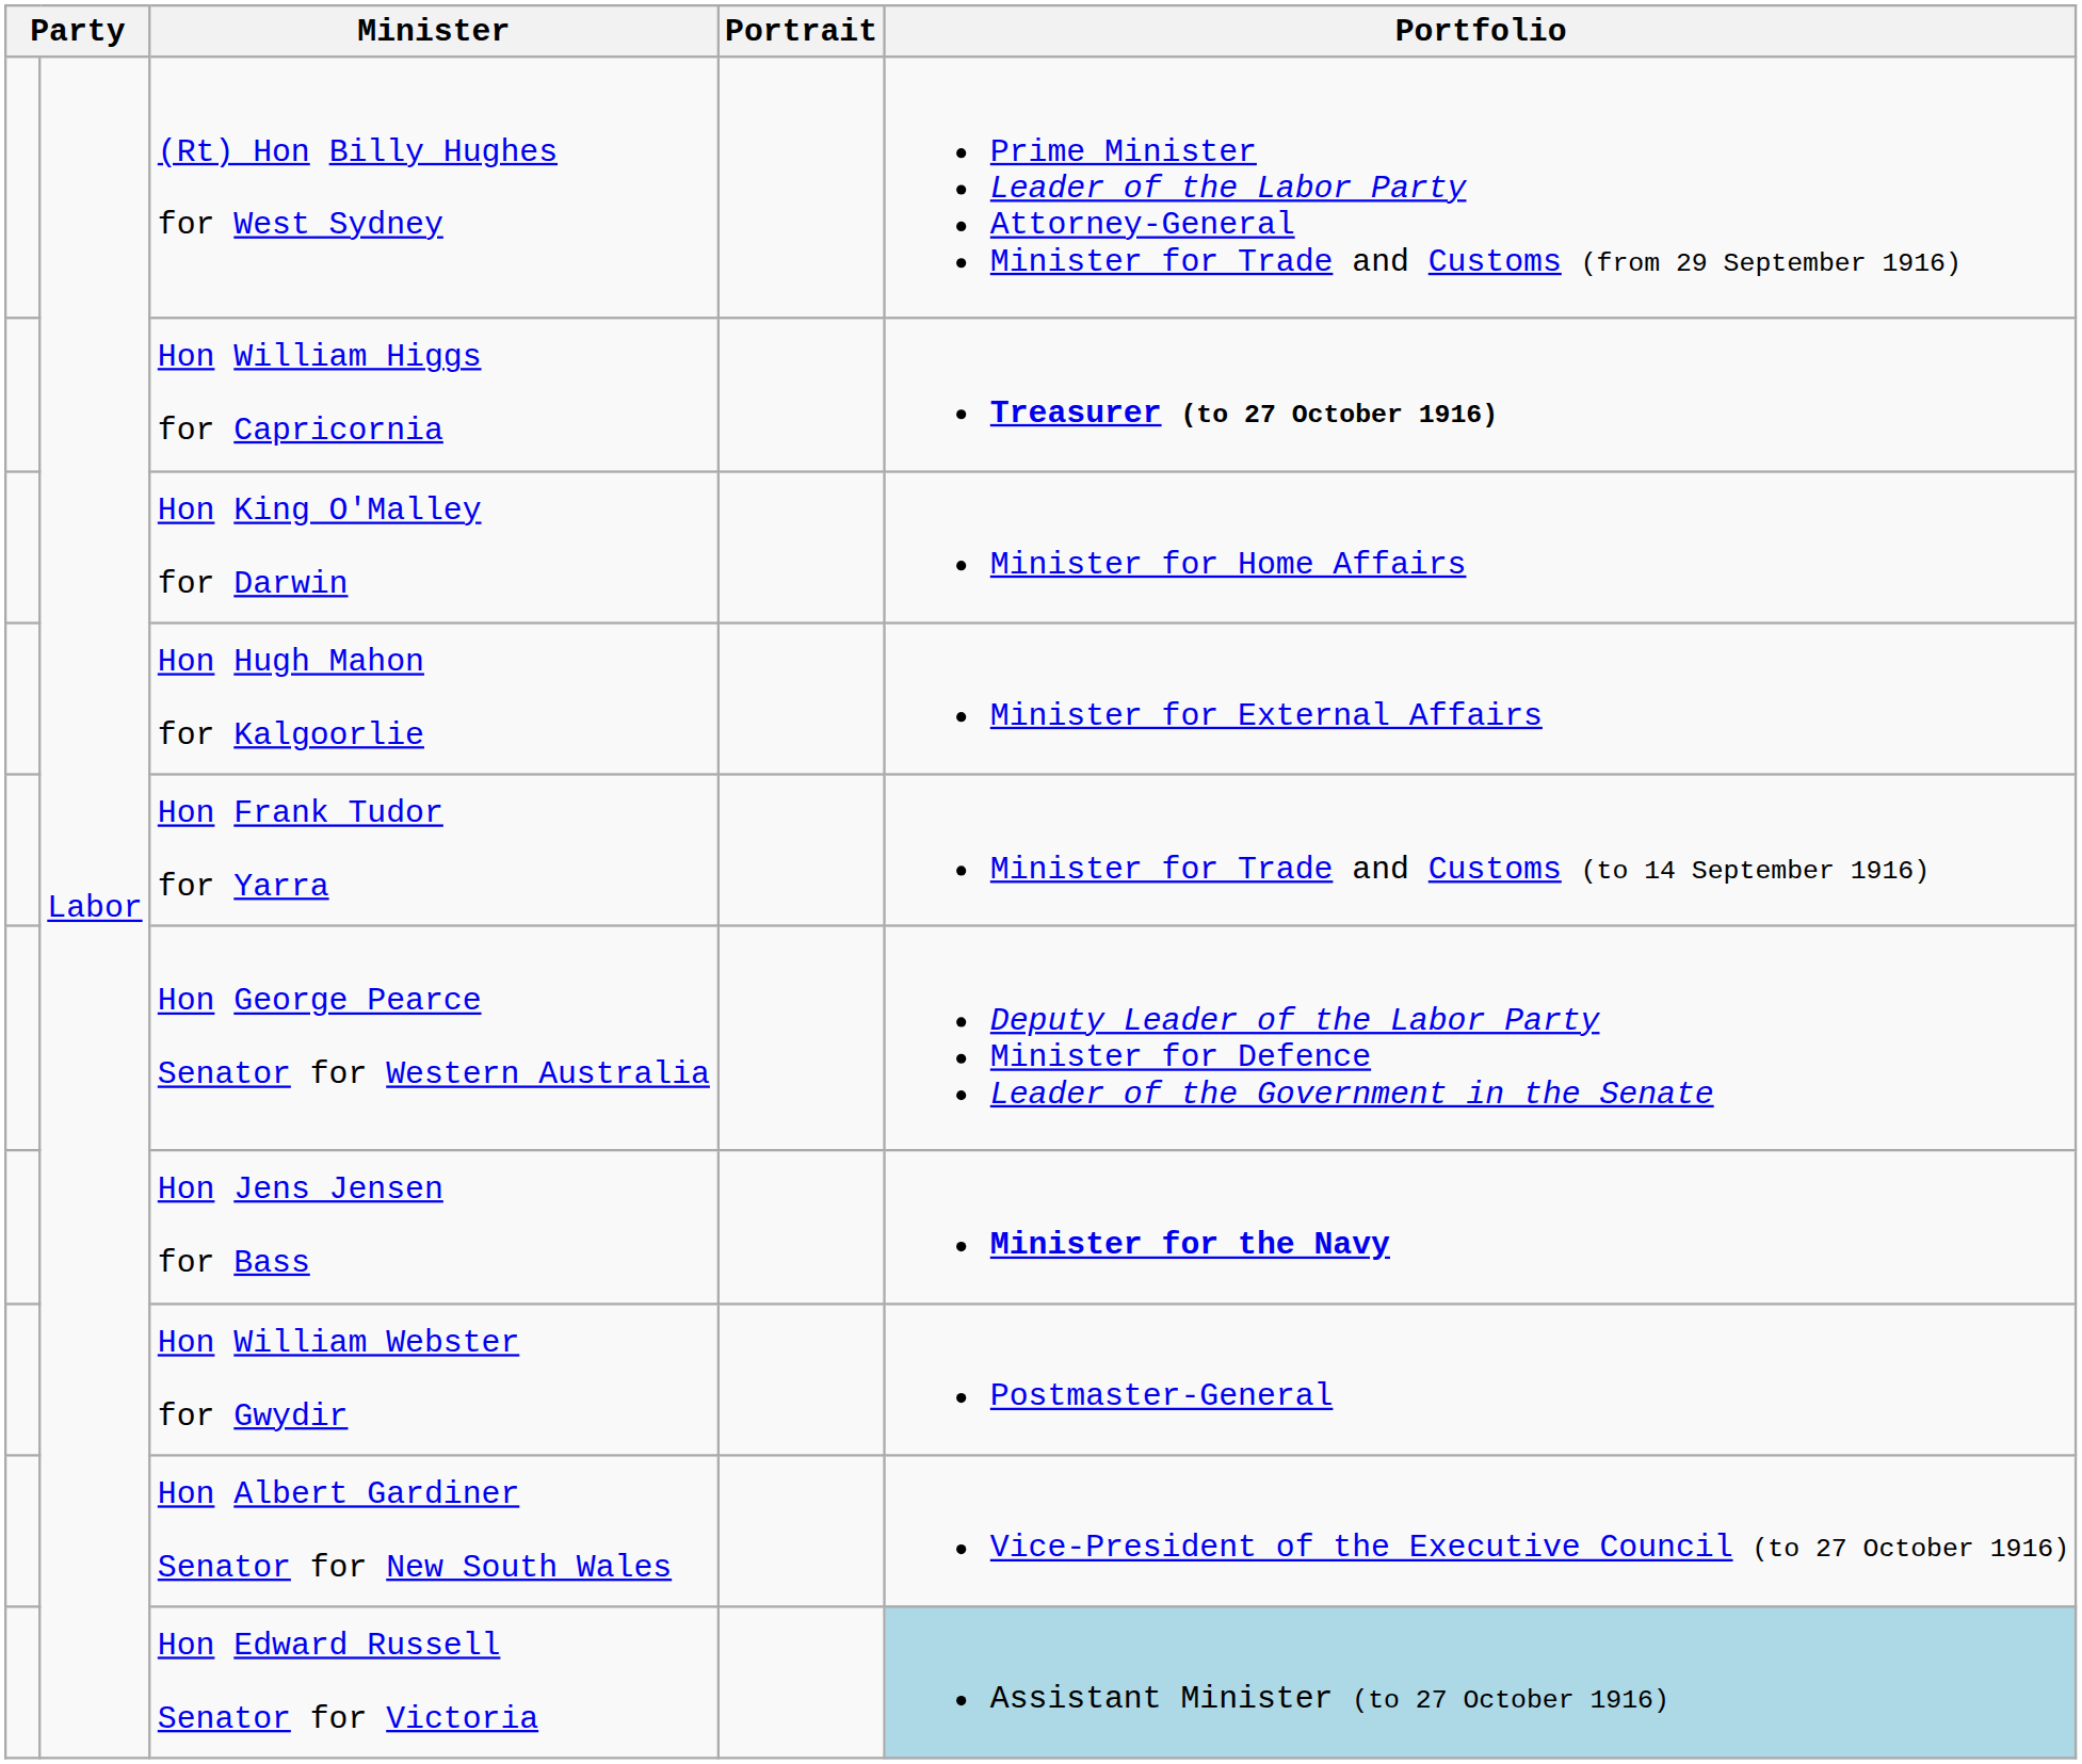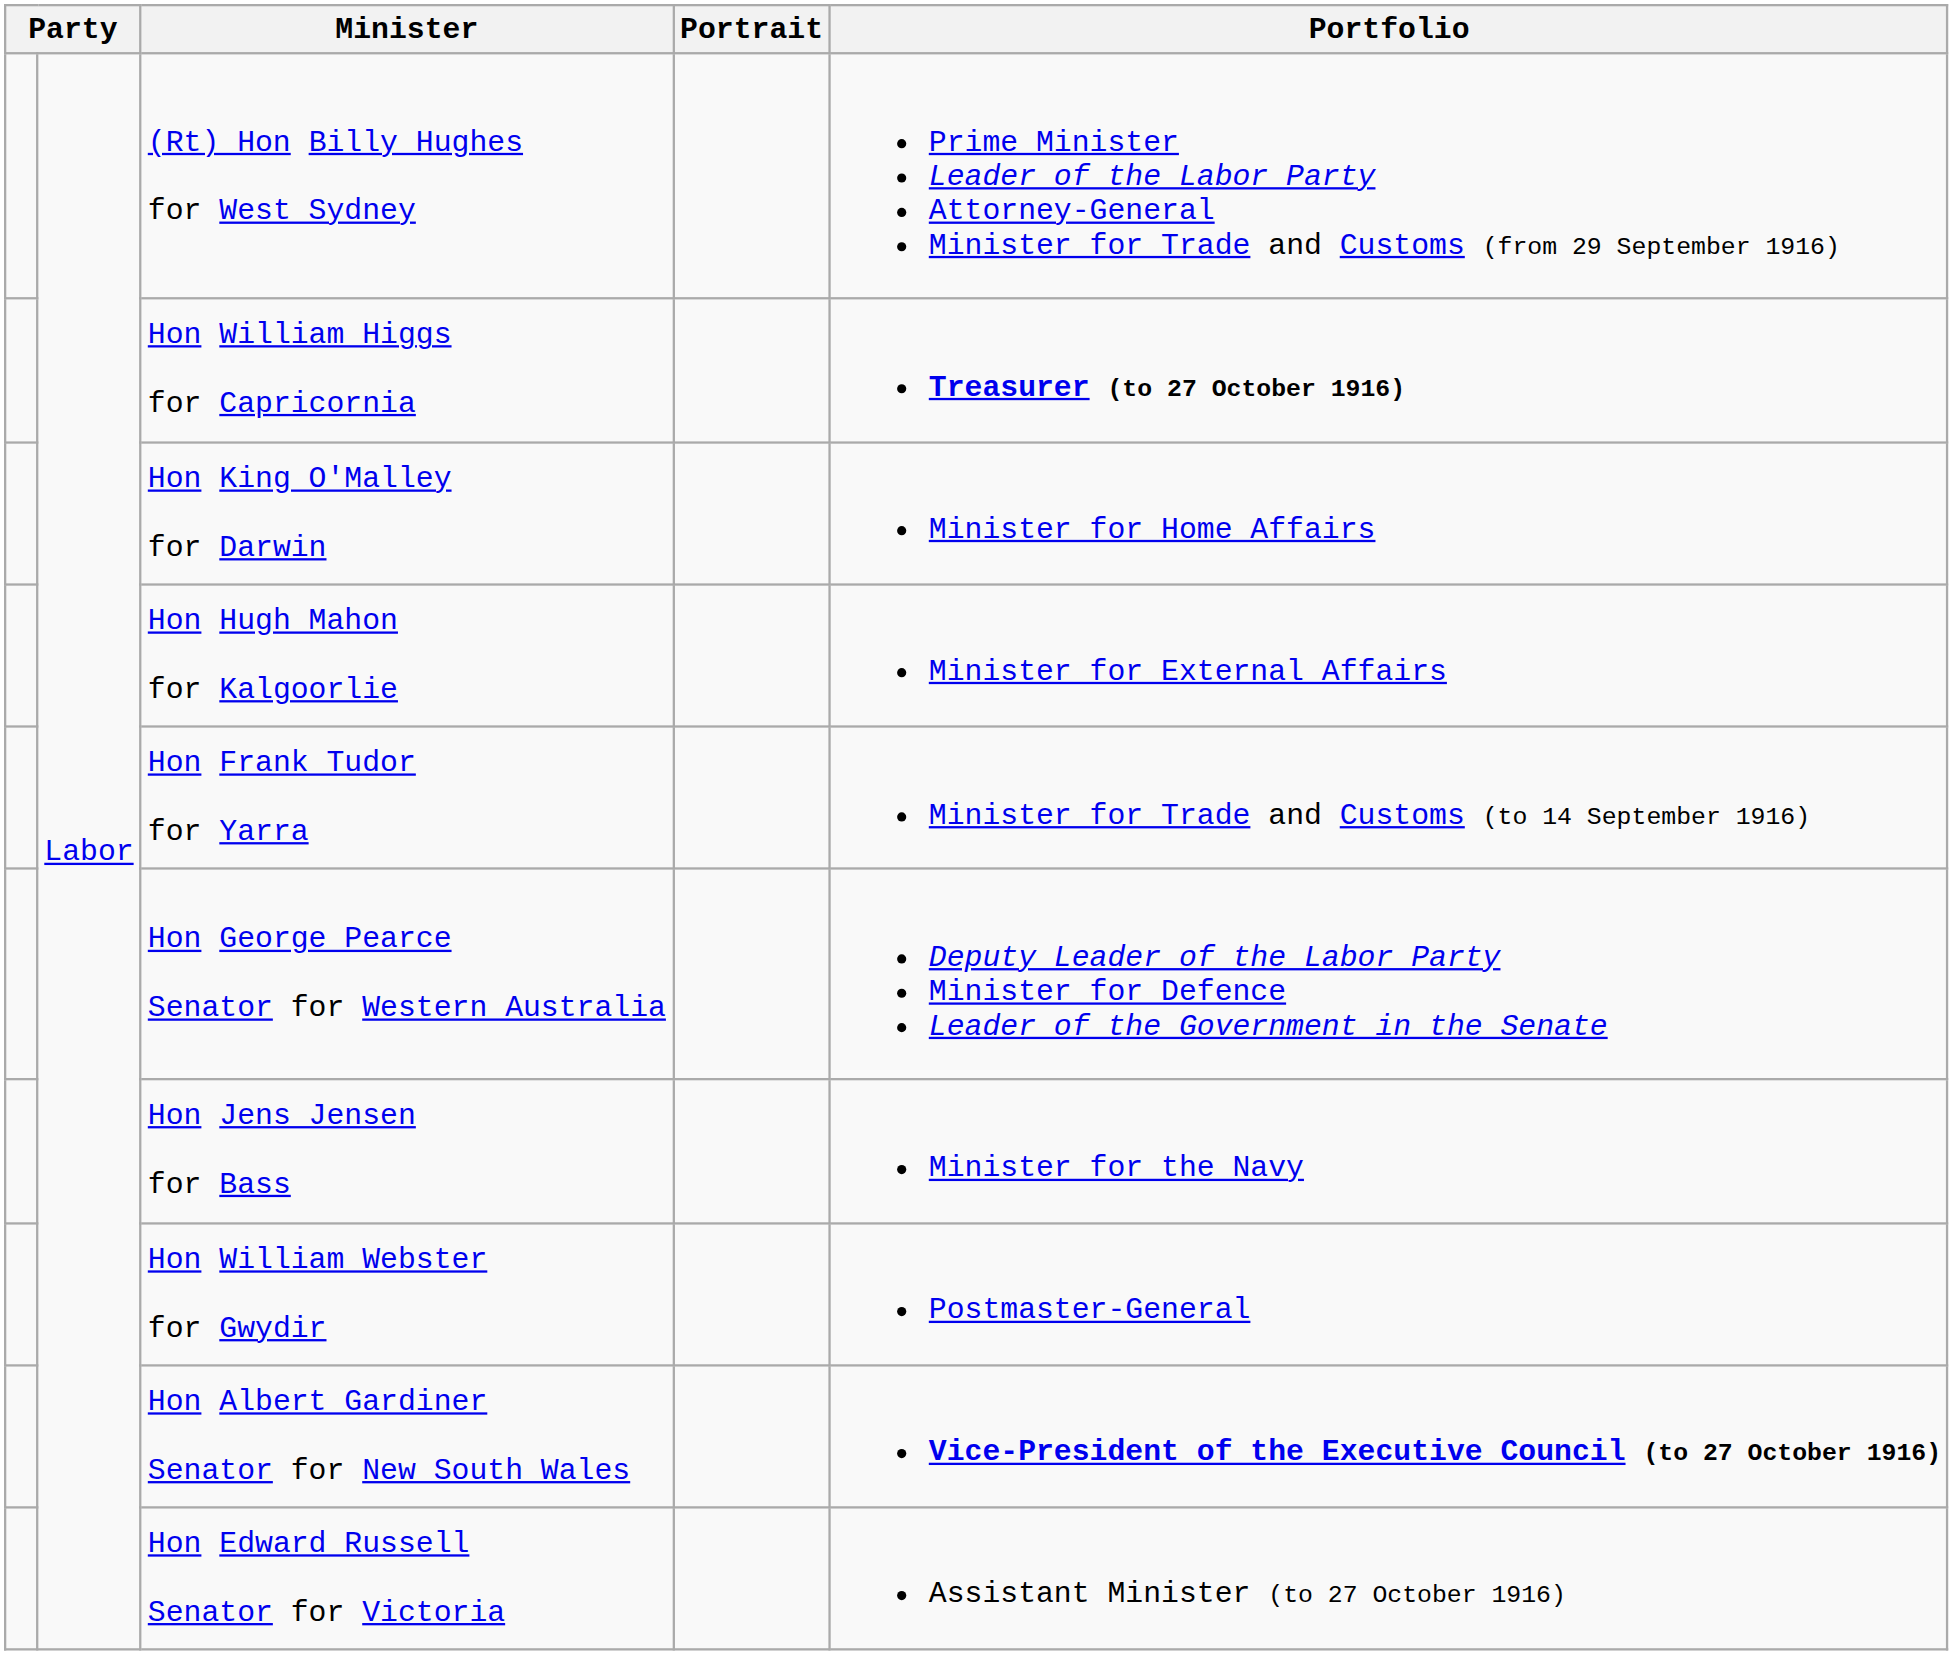 <table class="wikitable sortable">
 <tr>
 <th colspan="2">Party</th>
 <th>Minister</th>
 <th>Portrait</th>
 <th>Portfolio</th>
 </tr>
 <tr>
 <td> </td>
 <td rowspan=10><a href='#'>Labor</a></td>
 <td><a href='#'>(Rt) Hon</a> <a href='#'>Billy Hughes</a>  <br><br> for <a href='#'>West Sydney</a> <br></td>
 <td></td>
 <td><br><ul><li><a href='#'>Prime Minister</a></li><li><em><a href='#'>Leader of the Labor Party</a></em></li><li><a href='#'>Attorney-General</a></li><li><a href='#'>Minister for Trade</a> and <a href='#'>Customs</a> <small>(from 29 September 1916)</small></li></ul></td>
 </tr>
 <tr>
 <td> </td>
 <td><a href='#'>Hon</a> <a href='#'>William Higgs</a>  <br><br> for <a href='#'>Capricornia</a> <br></td>
 <td></td>
 <td><strong><br><ul><li><a href='#'>Treasurer</a> <small>(to 27 October 1916)</small></li></ul></strong></td>
 </tr>
 <tr>
 <td> </td>
 <td><a href='#'>Hon</a> <a href='#'>King O'Malley</a> <br><br> for <a href='#'>Darwin</a> <br></td>
 <td></td>
 <td><br><ul><li><a href='#'>Minister for Home Affairs</a></li></ul></td>
 </tr>
 <tr>
 <td> </td>
 <td><a href='#'>Hon</a> <a href='#'>Hugh Mahon</a> <br><br> for <a href='#'>Kalgoorlie</a> <br></td>
 <td></td>
 <td><br><ul><li><a href='#'>Minister for External Affairs</a></li></ul></td>
 </tr>
 <tr>
 <td> </td>
 <td><a href='#'>Hon</a> <a href='#'>Frank Tudor</a> <br><br> for <a href='#'>Yarra</a> <br></td>
 <td></td>
 <td><br><ul><li><a href='#'>Minister for Trade</a> and <a href='#'>Customs</a> <small>(to 14 September 1916)</small></li></ul></td>
 </tr>
 <tr>
 <td> </td>
 <td><a href='#'>Hon</a> <a href='#'>George Pearce</a> <br><br><a href='#'>Senator</a> for <a href='#'>Western Australia</a> <br></td>
 <td></td>
 <td><br><ul><li><em><a href='#'>Deputy Leader of the Labor Party</a></em></li><li><a href='#'>Minister for Defence</a></li><li><em><a href='#'>Leader of the Government in the Senate</a></em></li></ul></td>
 </tr>
 <tr>
 <td> </td>
 <td><a href='#'>Hon</a> <a href='#'>Jens Jensen</a> <br><br> for <a href='#'>Bass</a> <br></td>
 <td></td>
-<td><strong><br><ul><li><a href='#'>Minister for the Navy</a></li></ul></strong></td>
+<td><br><ul><li><a href='#'>Minister for the Navy</a></li></ul></td>
 </tr>
 <tr>
 <td> </td>
 <td><a href='#'>Hon</a> <a href='#'>William Webster</a> <br><br> for <a href='#'>Gwydir</a> <br></td>
 <td></td>
 <td><br><ul><li><a href='#'>Postmaster-General</a></li></ul></td>
 </tr>
 <tr>
 <td> </td>
 <td><a href='#'>Hon</a> <a href='#'>Albert Gardiner</a> <br><br><a href='#'>Senator</a> for <a href='#'>New South Wales</a> <br></td>
 <td></td>
-<td><br><ul><li><a href='#'>Vice-President of the Executive Council</a> <small>(to 27 October 1916)</small></li></ul></td>
+<td><strong><br><ul><li><a href='#'>Vice-President of the Executive Council</a> <small>(to 27 October 1916)</small></li></ul></strong></td>
 </tr>
 <tr>
 <td> </td>
 <td><a href='#'>Hon</a> <a href='#'>Edward Russell</a> <br><br><a href='#'>Senator</a> for <a href='#'>Victoria</a> <br></td>
 <td></td>
-<td style="background: lightblue;"><br><ul><li>Assistant Minister <small>(to 27 October 1916)</small></li></ul></td>
+<td><br><ul><li>Assistant Minister <small>(to 27 October 1916)</small></li></ul></td>
 </tr>
 </table>
